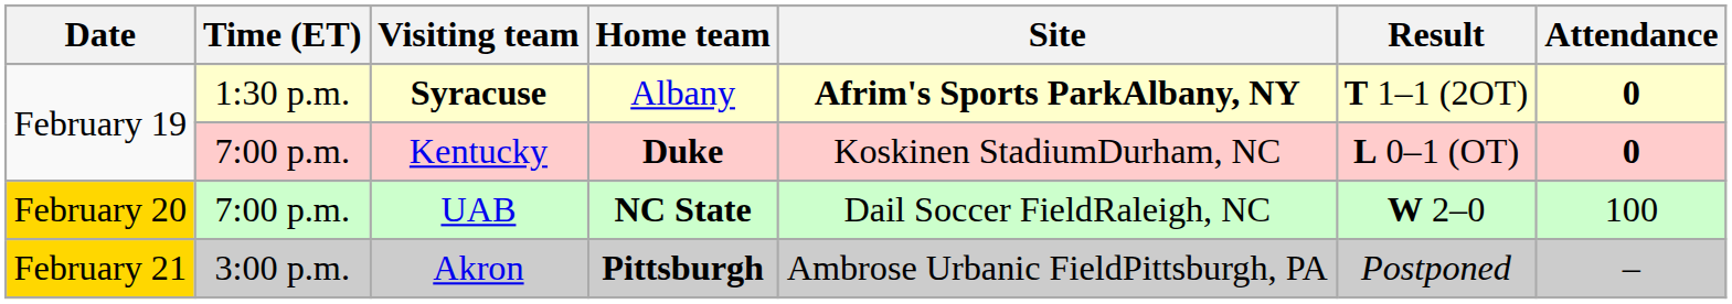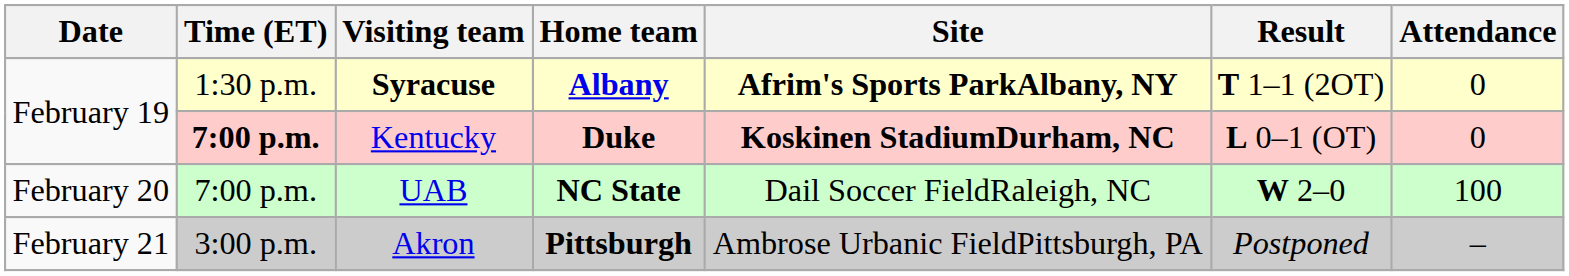 <table class="wikitable" style="font-size:95%; text-align: center;">
 <tr>
 <th>Date</th>
 <th>Time (ET)</th>
 <th>Visiting team</th>
 <th>Home team</th>
 <th>Site</th>
 <th>Result</th>
 <th>Attendance</th>
 </tr>
 <tr>
 <td rowspan=2>February 19</td>
 <td style="background:#ffc;">1:30 p.m.</td>
 <td style="background:#ffc;"><strong>Syracuse</strong></td>
-<td style="background:#ffc;"><a href='#'>Albany</a></td>
+<td style="background:#ffc;"><strong><a href='#'>Albany</a></strong></td>
 <td style="background:#ffc;"><strong>Afrim's Sports ParkAlbany, NY</strong></td>
 <td style="background:#ffc;"><strong>T</strong> 1–1 (2OT)</td>
-<td style="background:#ffc;"><strong>0</strong></td>
+<td style="background:#ffc;">0</td>
 </tr>
 <tr>
-<td style="background:#fcc;">7:00 p.m.</td>
+<td style="background:#fcc;"><strong>7:00 p.m.</strong></td>
 <td style="background:#fcc;"><a href='#'>Kentucky</a></td>
 <td style="background:#fcc;"><strong>Duke</strong></td>
-<td style="background:#fcc;">Koskinen StadiumDurham, NC</td>
+<td style="background:#fcc;"><strong>Koskinen StadiumDurham, NC</strong></td>
 <td style="background:#fcc;"><strong>L</strong> 0–1 (OT)</td>
-<td style="background:#fcc;"><strong>0</strong></td>
+<td style="background:#fcc;">0</td>
 </tr>
 <tr>
-<td style="background: gold;">February 20</td>
+<td>February 20</td>
 <td style="background:#cfc;">7:00 p.m.</td>
 <td style="background:#cfc;"><a href='#'>UAB</a></td>
 <td style="background:#cfc;"><strong>NC State</strong></td>
 <td style="background:#cfc;">Dail Soccer FieldRaleigh, NC</td>
 <td style="background:#cfc;"><strong>W</strong> 2–0</td>
 <td style="background:#cfc;">100</td>
 </tr>
 <tr>
-<td style="background: gold;">February 21</td>
+<td>February 21</td>
 <td style="background:#ccc;">3:00 p.m.</td>
 <td style="background:#ccc;"><a href='#'>Akron</a></td>
 <td style="background:#ccc;"><strong>Pittsburgh</strong></td>
 <td style="background:#ccc;">Ambrose Urbanic FieldPittsburgh, PA</td>
 <td style="background:#ccc;"><em>Postponed</em> </td>
 <td style="background:#ccc;">–</td>
 </tr>
 </table>
